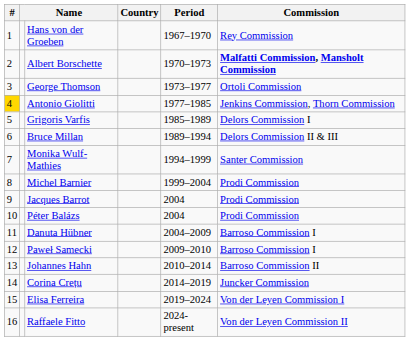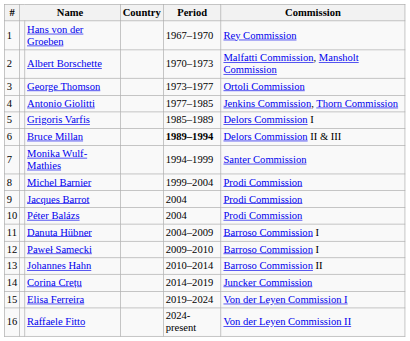 <table class="wikitable">
 <tr>
 <th>#</th>
 <th colspan=2>Name</th>
 <th>Country</th>
 <th>Period</th>
 <th>Commission</th>
 </tr>
 <tr>
 <td>1</td>
 <td></td>
 <td><a href='#'>Hans von der Groeben</a></td>
 <td></td>
 <td>1967–1970</td>
 <td><a href='#'>Rey Commission</a></td>
 </tr>
 <tr>
 <td>2</td>
 <td></td>
 <td><a href='#'>Albert Borschette</a></td>
 <td></td>
 <td>1970–1973</td>
-<td><strong><a href='#'>Malfatti Commission</a>, <a href='#'>Mansholt Commission</a></strong></td>
+<td><a href='#'>Malfatti Commission</a>, <a href='#'>Mansholt Commission</a></td>
 </tr>
 <tr>
 <td>3</td>
 <td></td>
 <td><a href='#'>George Thomson</a></td>
 <td></td>
 <td>1973–1977</td>
 <td><a href='#'>Ortoli Commission</a></td>
 </tr>
 <tr>
-<td style="background: gold;">4</td>
+<td>4</td>
 <td></td>
 <td><a href='#'>Antonio Giolitti</a></td>
 <td></td>
 <td>1977–1985</td>
 <td><a href='#'>Jenkins Commission</a>, <a href='#'>Thorn Commission</a></td>
 </tr>
 <tr>
 <td>5</td>
 <td></td>
 <td><a href='#'>Grigoris Varfis</a></td>
 <td></td>
 <td>1985–1989</td>
 <td><a href='#'>Delors Commission</a> I</td>
 </tr>
 <tr>
 <td>6</td>
 <td></td>
 <td><a href='#'>Bruce Millan</a></td>
 <td></td>
-<td>1989–1994</td>
+<td><strong>1989–1994</strong></td>
 <td><a href='#'>Delors Commission</a> II & III</td>
 </tr>
 <tr>
 <td>7</td>
 <td></td>
 <td><a href='#'>Monika Wulf-Mathies</a></td>
 <td></td>
 <td>1994–1999</td>
 <td><a href='#'>Santer Commission</a></td>
 </tr>
 <tr>
 <td>8</td>
 <td></td>
 <td><a href='#'>Michel Barnier</a></td>
 <td></td>
 <td>1999–2004</td>
 <td><a href='#'>Prodi Commission</a></td>
 </tr>
 <tr>
 <td>9</td>
 <td></td>
 <td><a href='#'>Jacques Barrot</a></td>
 <td></td>
 <td>2004</td>
 <td><a href='#'>Prodi Commission</a></td>
 </tr>
 <tr>
 <td>10</td>
 <td></td>
 <td><a href='#'>Péter Balázs</a></td>
 <td></td>
 <td>2004</td>
 <td><a href='#'>Prodi Commission</a></td>
 </tr>
 <tr>
 <td>11</td>
 <td></td>
 <td><a href='#'>Danuta Hübner</a></td>
 <td></td>
 <td>2004–2009</td>
 <td><a href='#'>Barroso Commission</a> I</td>
 </tr>
 <tr>
 <td>12</td>
 <td></td>
 <td><a href='#'>Paweł Samecki</a></td>
 <td></td>
 <td>2009–2010</td>
 <td><a href='#'>Barroso Commission</a> I</td>
 </tr>
 <tr>
 <td>13</td>
 <td></td>
 <td><a href='#'>Johannes Hahn</a></td>
 <td></td>
 <td>2010–2014</td>
 <td><a href='#'>Barroso Commission</a> II</td>
 </tr>
 <tr>
 <td>14</td>
 <td></td>
 <td><a href='#'>Corina Crețu</a></td>
 <td></td>
 <td>2014–2019</td>
 <td><a href='#'>Juncker Commission</a></td>
 </tr>
 <tr>
 <td>15</td>
 <td></td>
 <td><a href='#'>Elisa Ferreira</a></td>
 <td></td>
 <td>2019–2024</td>
 <td><a href='#'>Von der Leyen Commission I</a></td>
 </tr>
 <tr>
 <td>16</td>
 <td></td>
 <td><a href='#'>Raffaele Fitto</a></td>
 <td></td>
 <td>2024-present</td>
 <td><a href='#'>Von der Leyen Commission II</a></td>
 </tr>
 </table>
